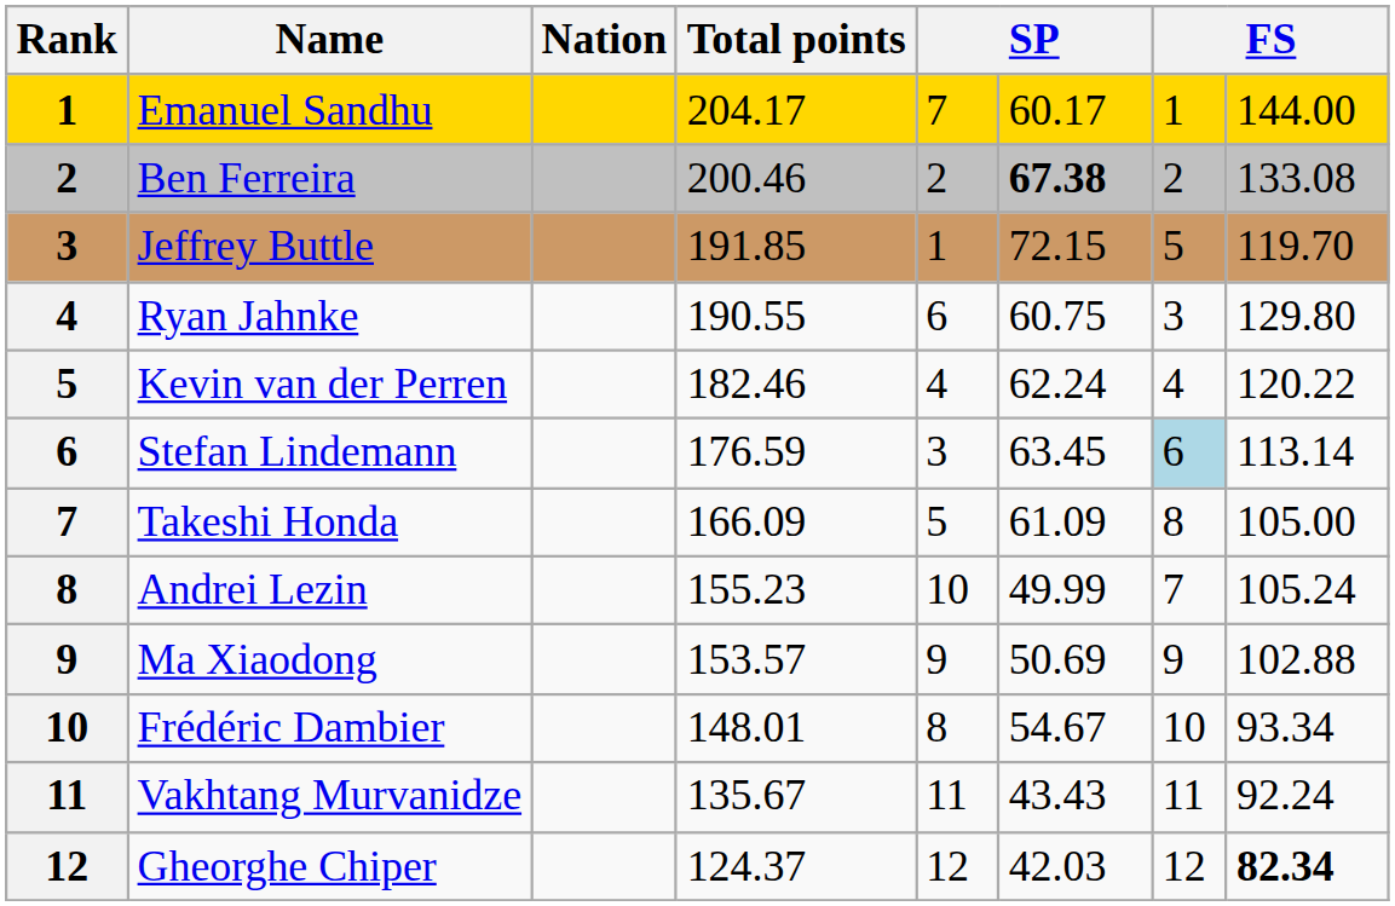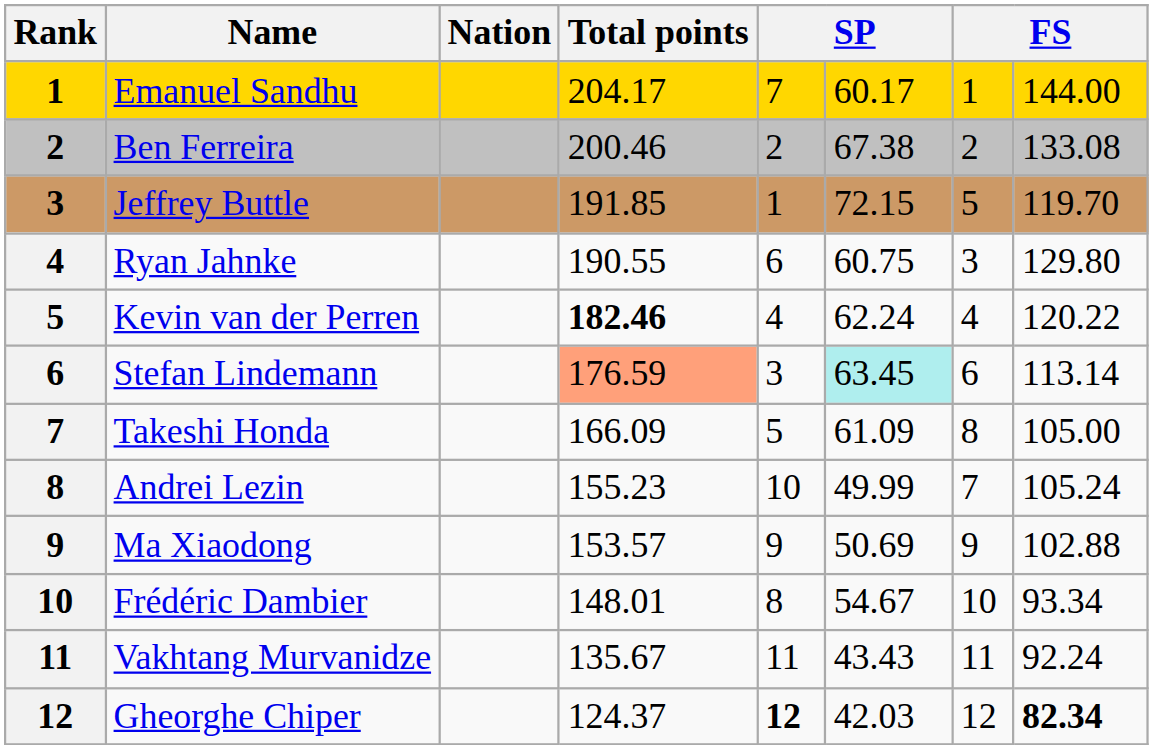 <table class="wikitable">
 <tr>
 <th>Rank</th>
 <th>Name</th>
 <th>Nation</th>
 <th>Total points</th>
 <th colspan="2" width="80px"><a href='#'>SP</a></th>
 <th colspan="2" width="80px"><a href='#'>FS</a></th>
 </tr>
 <tr bgcolor="gold">
 <td align="center"><strong>1</strong></td>
 <td><a href='#'>Emanuel Sandhu</a></td>
 <td></td>
 <td>204.17</td>
 <td>7</td>
 <td>60.17</td>
 <td>1</td>
 <td>144.00</td>
 </tr>
 <tr bgcolor="silver">
 <td align="center"><strong>2</strong></td>
 <td><a href='#'>Ben Ferreira</a></td>
 <td></td>
 <td>200.46</td>
 <td>2</td>
-<td><strong>67.38</strong></td>
+<td>67.38</td>
 <td>2</td>
 <td>133.08</td>
 </tr>
 <tr bgcolor="cc9966">
 <td align="center"><strong>3</strong></td>
 <td><a href='#'>Jeffrey Buttle</a></td>
 <td></td>
 <td>191.85</td>
 <td>1</td>
 <td>72.15</td>
 <td>5</td>
 <td>119.70</td>
 </tr>
 <tr>
 <th>4</th>
 <td><a href='#'>Ryan Jahnke</a></td>
 <td></td>
 <td>190.55</td>
 <td>6</td>
 <td>60.75</td>
 <td>3</td>
 <td>129.80</td>
 </tr>
 <tr>
 <th>5</th>
 <td><a href='#'>Kevin van der Perren</a></td>
 <td></td>
-<td>182.46</td>
+<td><strong>182.46</strong></td>
 <td>4</td>
 <td>62.24</td>
 <td>4</td>
 <td>120.22</td>
 </tr>
 <tr>
 <th>6</th>
 <td><a href='#'>Stefan Lindemann</a></td>
 <td></td>
-<td>176.59</td>
+<td style="background: lightsalmon;">176.59</td>
 <td>3</td>
-<td>63.45</td>
-<td style="background: lightblue;">6</td>
+<td style="background: paleturquoise;">63.45</td>
+<td>6</td>
 <td>113.14</td>
 </tr>
 <tr>
 <th>7</th>
 <td><a href='#'>Takeshi Honda</a></td>
 <td></td>
 <td>166.09</td>
 <td>5</td>
 <td>61.09</td>
 <td>8</td>
 <td>105.00</td>
 </tr>
 <tr>
 <th>8</th>
 <td><a href='#'>Andrei Lezin</a></td>
 <td></td>
 <td>155.23</td>
 <td>10</td>
 <td>49.99</td>
 <td>7</td>
 <td>105.24</td>
 </tr>
 <tr>
 <th>9</th>
 <td><a href='#'>Ma Xiaodong</a></td>
 <td></td>
 <td>153.57</td>
 <td>9</td>
 <td>50.69</td>
 <td>9</td>
 <td>102.88</td>
 </tr>
 <tr>
 <th>10</th>
 <td><a href='#'>Frédéric Dambier</a></td>
 <td></td>
 <td>148.01</td>
 <td>8</td>
 <td>54.67</td>
 <td>10</td>
 <td>93.34</td>
 </tr>
 <tr>
 <th>11</th>
 <td><a href='#'>Vakhtang Murvanidze</a></td>
 <td></td>
 <td>135.67</td>
 <td>11</td>
 <td>43.43</td>
 <td>11</td>
 <td>92.24</td>
 </tr>
 <tr>
 <th>12</th>
 <td><a href='#'>Gheorghe Chiper</a></td>
 <td></td>
 <td>124.37</td>
-<td>12</td>
+<td><strong>12</strong></td>
 <td>42.03</td>
 <td>12</td>
 <td><strong>82.34</strong></td>
 </tr>
 </table>
